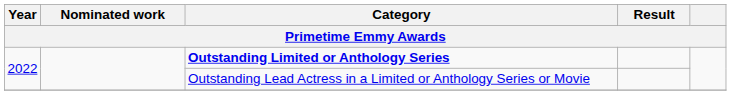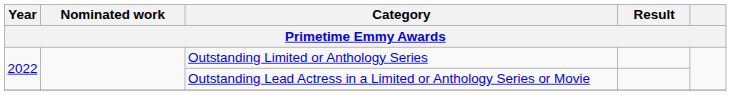 <table class=wikitable>
 <tr>
 <th scope="col" style="width:5%;">Year</th>
 <th scope="col" style="width:20%;">Nominated work</th>
 <th scope="col" style="width:60%;">Category</th>
 <th scope="col" style="width:10%;">Result</th>
 <th scope="col" style="width:5%;"></th>
 </tr>
 <tr>
 <th colspan="5"><a href='#'>Primetime Emmy Awards</a></th>
 </tr>
 <tr>
 <td rowspan="2"><a href='#'>2022</a></td>
 <td rowspan="2"></td>
-<td><strong><a href='#'>Outstanding Limited or Anthology Series</a></strong></td>
+<td><a href='#'>Outstanding Limited or Anthology Series</a></td>
 <td></td>
 <td style="text-align:center;" rowspan="2"></td>
 </tr>
 <tr>
 <td><a href='#'>Outstanding Lead Actress in a Limited or Anthology Series or Movie</a></td>
 <td></td>
 </tr>
 <tr>
 </tr>
 </table>
